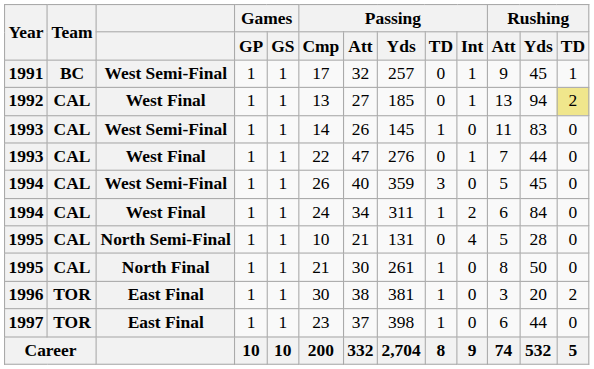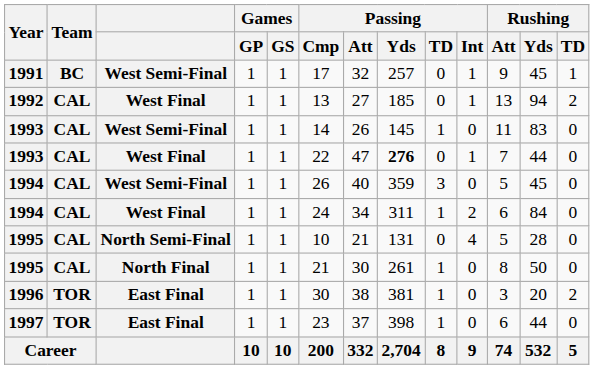 <table class="wikitable" style="text-align: center;">
 <tr>
 <th rowspan="2">Year</th>
 <th rowspan="2">Team</th>
 <th></th>
 <th colspan="2">Games</th>
 <th colspan="5">Passing</th>
 <th colspan="3">Rushing</th>
 </tr>
 <tr>
 <th></th>
 <th>GP</th>
 <th>GS</th>
 <th>Cmp</th>
 <th>Att</th>
 <th>Yds</th>
 <th>TD</th>
 <th>Int</th>
 <th>Att</th>
 <th>Yds</th>
 <th>TD</th>
 </tr>
 <tr>
 <th>1991</th>
 <th>BC</th>
 <th>West Semi-Final</th>
 <td>1</td>
 <td>1</td>
 <td>17</td>
 <td>32</td>
 <td>257</td>
 <td>0</td>
 <td>1</td>
 <td>9</td>
 <td>45</td>
 <td>1</td>
 </tr>
 <tr>
 <th>1992</th>
 <th>CAL</th>
 <th>West Final</th>
 <td>1</td>
 <td>1</td>
 <td>13</td>
 <td>27</td>
 <td>185</td>
 <td>0</td>
 <td>1</td>
 <td>13</td>
 <td>94</td>
-<td style="background: khaki;">2</td>
+<td>2</td>
 </tr>
 <tr>
 <th>1993</th>
 <th>CAL</th>
 <th>West Semi-Final</th>
 <td>1</td>
 <td>1</td>
 <td>14</td>
 <td>26</td>
 <td>145</td>
 <td>1</td>
 <td>0</td>
 <td>11</td>
 <td>83</td>
 <td>0</td>
 </tr>
 <tr>
 <th>1993</th>
 <th>CAL</th>
 <th>West Final</th>
 <td>1</td>
 <td>1</td>
 <td>22</td>
 <td>47</td>
-<td>276</td>
+<td><strong>276</strong></td>
 <td>0</td>
 <td>1</td>
 <td>7</td>
 <td>44</td>
 <td>0</td>
 </tr>
 <tr>
 <th>1994</th>
 <th>CAL</th>
 <th>West Semi-Final</th>
 <td>1</td>
 <td>1</td>
 <td>26</td>
 <td>40</td>
 <td>359</td>
 <td>3</td>
 <td>0</td>
 <td>5</td>
 <td>45</td>
 <td>0</td>
 </tr>
 <tr>
 <th>1994</th>
 <th>CAL</th>
 <th>West Final</th>
 <td>1</td>
 <td>1</td>
 <td>24</td>
 <td>34</td>
 <td>311</td>
 <td>1</td>
 <td>2</td>
 <td>6</td>
 <td>84</td>
 <td>0</td>
 </tr>
 <tr>
 <th>1995</th>
 <th>CAL</th>
 <th>North Semi-Final</th>
 <td>1</td>
 <td>1</td>
 <td>10</td>
 <td>21</td>
 <td>131</td>
 <td>0</td>
 <td>4</td>
 <td>5</td>
 <td>28</td>
 <td>0</td>
 </tr>
 <tr>
 <th>1995</th>
 <th>CAL</th>
 <th>North Final</th>
 <td>1</td>
 <td>1</td>
 <td>21</td>
 <td>30</td>
 <td>261</td>
 <td>1</td>
 <td>0</td>
 <td>8</td>
 <td>50</td>
 <td>0</td>
 </tr>
 <tr>
 <th>1996</th>
 <th>TOR</th>
 <th>East Final</th>
 <td>1</td>
 <td>1</td>
 <td>30</td>
 <td>38</td>
 <td>381</td>
 <td>1</td>
 <td>0</td>
 <td>3</td>
 <td>20</td>
 <td>2</td>
 </tr>
 <tr>
 <th>1997</th>
 <th>TOR</th>
 <th>East Final</th>
 <td>1</td>
 <td>1</td>
 <td>23</td>
 <td>37</td>
 <td>398</td>
 <td>1</td>
 <td>0</td>
 <td>6</td>
 <td>44</td>
 <td>0</td>
 </tr>
 <tr>
 <th colspan="2">Career</th>
 <th></th>
 <th>10</th>
 <th>10</th>
 <th>200</th>
 <th>332</th>
 <th>2,704</th>
 <th>8</th>
 <th>9</th>
 <th>74</th>
 <th>532</th>
 <th>5</th>
 </tr>
 </table>
